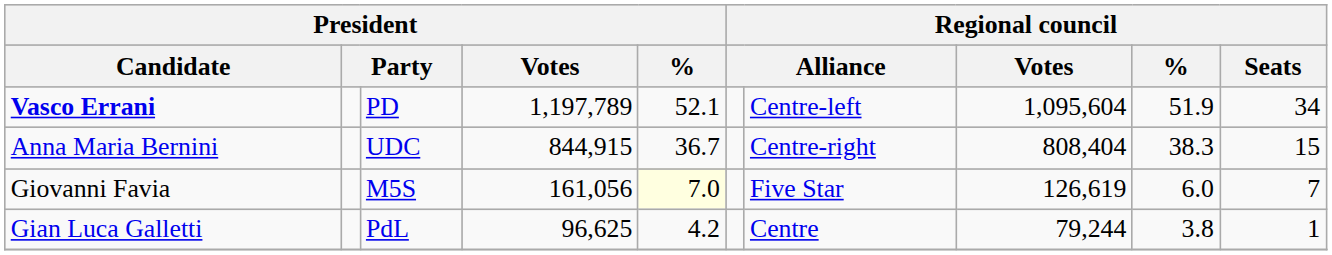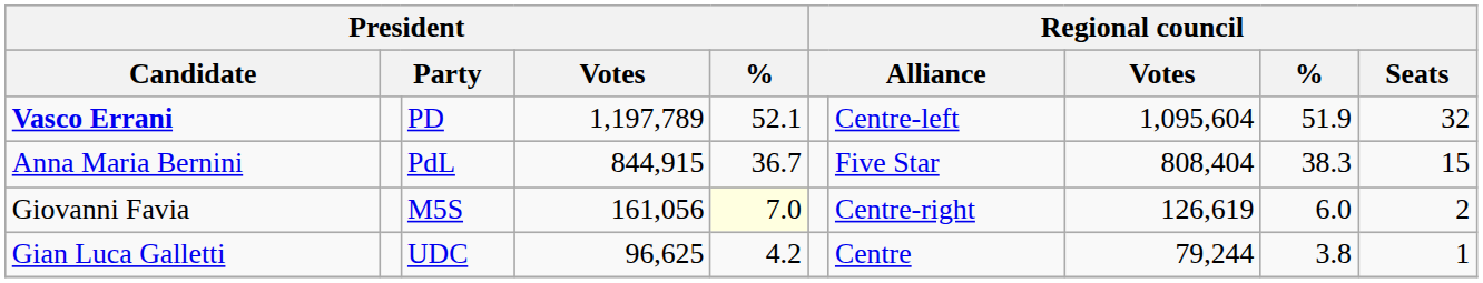 <table class="wikitable" style="text-align:right; style="width=65%">
 <tr>
 <th colspan="5">President</th>
 <th colspan="7">Regional council</th>
 </tr>
 <tr>
 <th>Candidate</th>
 <th colspan="2">Party</th>
 <th>Votes</th>
 <th>%</th>
 <th colspan="2">Alliance</th>
 <th>Votes</th>
 <th>%</th>
 <th>Seats</th>
 </tr>
 <tr>
 <td style="text-align:left"><strong><a href='#'>Vasco Errani</a></strong></td>
 <td></td>
 <td style="text-align:left"><a href='#'>PD</a></td>
 <td>1,197,789</td>
 <td>52.1</td>
 <td></td>
 <td style="text-align:left"><a href='#'>Centre-left</a></td>
 <td>1,095,604</td>
 <td>51.9</td>
-<td>34</td>
+<td>32</td>
 </tr>
 <tr>
 <td style="text-align:left"><a href='#'>Anna Maria Bernini</a></td>
 <td></td>
-<td style="text-align:left"><a href='#'>UDC</a></td>
+<td style="text-align:left"><a href='#'>PdL</a></td>
 <td>844,915</td>
 <td>36.7</td>
 <td></td>
-<td style="text-align:left"><a href='#'>Centre-right</a></td>
+<td style="text-align:left"><a href='#'>Five Star</a></td>
 <td>808,404</td>
 <td>38.3</td>
 <td>15</td>
 </tr>
 <tr>
 <td style="text-align:left">Giovanni Favia</td>
 <td></td>
 <td style="text-align:left"><a href='#'>M5S</a></td>
 <td>161,056</td>
 <td style="background: lightyellow;">7.0</td>
 <td></td>
-<td style="text-align:left"><a href='#'>Five Star</a></td>
+<td style="text-align:left"><a href='#'>Centre-right</a></td>
 <td>126,619</td>
 <td>6.0</td>
-<td>7</td>
+<td>2</td>
 </tr>
 <tr>
 <td style="text-align:left"><a href='#'>Gian Luca Galletti</a></td>
 <td></td>
-<td style="text-align:left"><a href='#'>PdL</a></td>
+<td style="text-align:left"><a href='#'>UDC</a></td>
 <td>96,625</td>
 <td>4.2</td>
 <td></td>
 <td style="text-align:left"><a href='#'>Centre</a></td>
 <td>79,244</td>
 <td>3.8</td>
 <td>1</td>
 </tr>
 <tr>
 </tr>
 </table>
